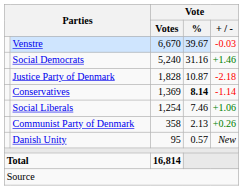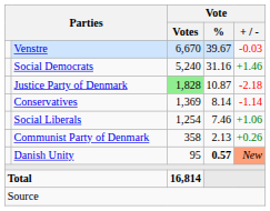 <table class="wikitable" style="text-align:right;">
 <tr>
 <th style="text-align:centre;" rowspan="2" colspan="2" width="225">Parties</th>
 <th colspan="3">Vote</th>
 </tr>
 <tr>
 <th width="15">Votes</th>
 <th width="15">%</th>
 <th width="15">+ / -</th>
 </tr>
 <tr>
 <td width="2" style="color:inherit;background:"></td>
 <td bgcolor=#cfe5fe  align="left"><a href='#'>Venstre</a></td>
 <td bgcolor=#cfe5fe>6,670</td>
 <td bgcolor=#cfe5fe>39.67</td>
 <td style=color:red;>-0.03</td>
 </tr>
 <tr>
 <td width="2" style="color:inherit;background:"></td>
 <td align="left"><a href='#'>Social Democrats</a></td>
 <td>5,240</td>
 <td>31.16</td>
 <td style=color:green;>+1.46</td>
 </tr>
 <tr>
 <td width="2" style="color:inherit;background:"></td>
 <td align="left"><a href='#'>Justice Party of Denmark</a></td>
-<td>1,828</td>
+<td style="background: lightgreen;">1,828</td>
 <td>10.87</td>
 <td style=color:red;>-2.18</td>
 </tr>
 <tr>
 <td width="2" style="color:inherit;background:"></td>
 <td align="left"><a href='#'>Conservatives</a></td>
 <td>1,369</td>
-<td><strong>8.14</strong></td>
+<td>8.14</td>
 <td style=color:red;>-1.14</td>
 </tr>
 <tr>
 <td width="2" style="color:inherit;background:"></td>
 <td align="left"><a href='#'>Social Liberals</a></td>
 <td>1,254</td>
 <td>7.46</td>
 <td style=color:green;>+1.06</td>
 </tr>
 <tr>
 <td width="2" style="color:inherit;background:"></td>
 <td align="left"><a href='#'>Communist Party of Denmark</a></td>
 <td>358</td>
 <td>2.13</td>
 <td style=color:green;>+0.26</td>
 </tr>
 <tr>
 <td width="2" style="color:inherit;background:"></td>
 <td align="left"><a href='#'>Danish Unity</a></td>
 <td>95</td>
-<td>0.57</td>
-<td><em>New</em></td>
+<td><strong>0.57</strong></td>
+<td style="background: lightsalmon;"><em>New</em></td>
 </tr>
 <tr>
 <td colspan="7" bgcolor="#E9E9E9"></td>
 </tr>
 <tr>
 <td align="left" colspan="2"><strong>Total</strong></td>
 <td><strong>16,814</strong></td>
 <td bgcolor="#E9E9E9" colspan="2"></td>
 </tr>
 <tr>
 <td align="left" colspan="6">Source</td>
 </tr>
 </table>
